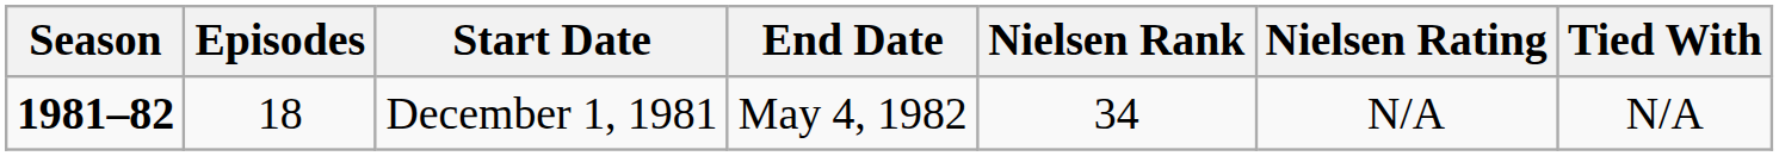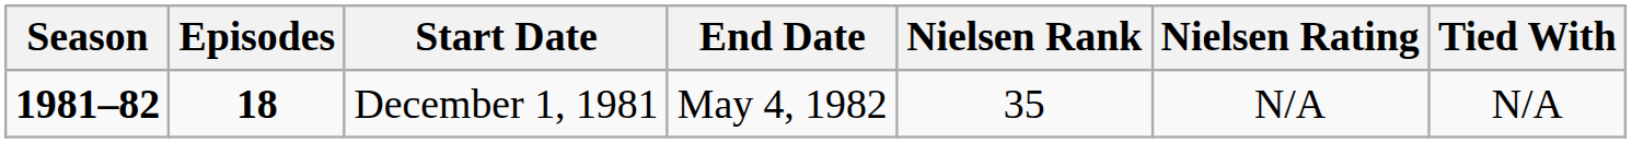 <table class="wikitable" style="text-align: center">
 <tr>
 <th>Season</th>
 <th>Episodes</th>
 <th>Start Date</th>
 <th>End Date</th>
 <th>Nielsen Rank</th>
 <th>Nielsen Rating</th>
 <th>Tied With</th>
 </tr>
 <tr>
 <td style="text-align:center"><strong>1981–82</strong></td>
-<td style="text-align:center">18</td>
+<td style="text-align:center"><strong>18</strong></td>
 <td style="text-align:center">December 1, 1981</td>
 <td style="text-align:center">May 4, 1982</td>
-<td style="text-align:center:">34</td>
+<td style="text-align:center:">35</td>
 <td style="text-align:center">N/A</td>
 <td style="text-align:center">N/A</td>
 </tr>
 </table>
